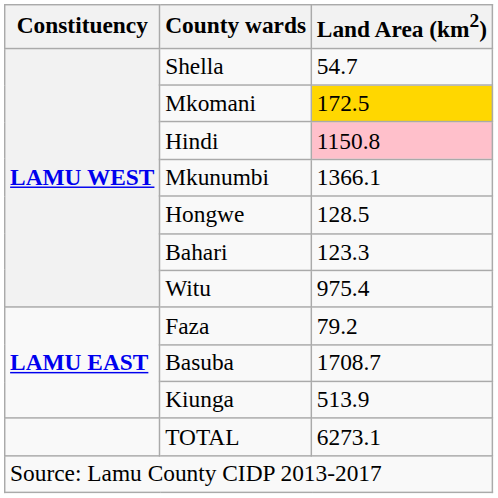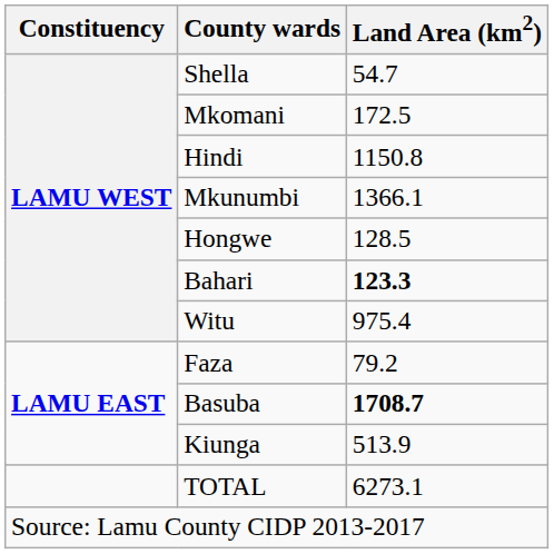 <table class="wikitable">
 <tr>
 <th>Constituency</th>
 <th>County wards</th>
 <th>Land Area (km<sup>2</sup>)</th>
 </tr>
 <tr>
 <th rowspan="7"><a href='#'>LAMU WEST</a></th>
 <td>Shella</td>
 <td>54.7</td>
 </tr>
 <tr>
 <td>Mkomani</td>
-<td style="background: gold;">172.5</td>
+<td>172.5</td>
 </tr>
 <tr>
 <td>Hindi</td>
-<td style="background: pink;">1150.8</td>
+<td>1150.8</td>
 </tr>
 <tr>
 <td>Mkunumbi</td>
 <td>1366.1</td>
 </tr>
 <tr>
 <td>Hongwe</td>
 <td>128.5</td>
 </tr>
 <tr>
 <td>Bahari</td>
-<td>123.3</td>
+<td><strong>123.3</strong></td>
 </tr>
 <tr>
 <td>Witu</td>
 <td>975.4</td>
 </tr>
 <tr>
 <td rowspan="3"><a href='#'><strong>LAMU EAST</strong></a></td>
 <td>Faza</td>
 <td>79.2</td>
 </tr>
 <tr>
 <td>Basuba</td>
-<td>1708.7</td>
+<td><strong>1708.7</strong></td>
 </tr>
 <tr>
 <td>Kiunga</td>
 <td>513.9</td>
 </tr>
 <tr>
 <td></td>
 <td>TOTAL</td>
 <td>6273.1</td>
 </tr>
 <tr>
 <td colspan="3">Source: Lamu County CIDP 2013-2017</td>
 </tr>
 </table>
